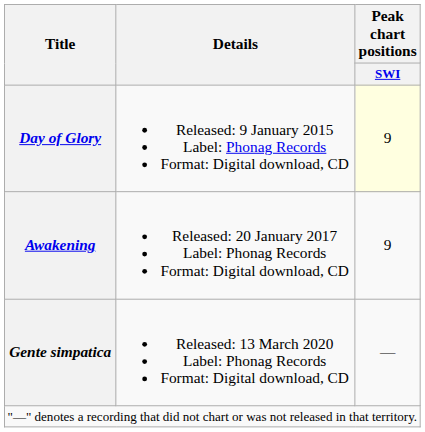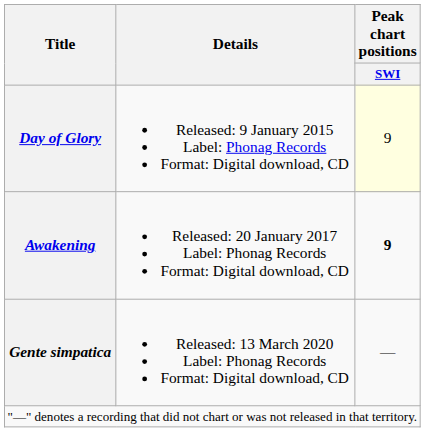 <table class="wikitable plainrowheaders" style="text-align:center;">
 <tr>
 <th scope="col" rowspan="2">Title</th>
 <th scope="col" rowspan="2">Details</th>
 <th scope="col" colspan="1">Peak chart positions</th>
 </tr>
 <tr>
 <th scope="col" style="width:3em;font-size:85%;"><a href='#'>SWI</a><br></th>
 </tr>
 <tr>
 <th scope="row"><em><a href='#'>Day of Glory</a></em></th>
 <td><br><ul><li>Released: 9 January 2015</li><li>Label: <a href='#'>Phonag Records</a></li><li>Format: Digital download, CD</li></ul></td>
 <td style="background: lightyellow;">9</td>
 </tr>
 <tr>
 <th scope="row"><em><a href='#'>Awakening</a></em></th>
 <td><br><ul><li>Released: 20 January 2017</li><li>Label: Phonag Records</li><li>Format: Digital download, CD</li></ul></td>
-<td>9</td>
+<td><strong>9</strong></td>
 </tr>
 <tr>
 <th scope="row"><em>Gente simpatica</em></th>
 <td><br><ul><li>Released: 13 March 2020</li><li>Label: Phonag Records</li><li>Format: Digital download, CD</li></ul></td>
 <td>—</td>
 </tr>
 <tr>
 <td colspan="20" style="font-size:85%">"—" denotes a recording that did not chart or was not released in that territory.</td>
 </tr>
 </table>
